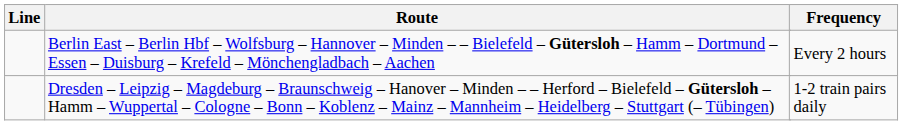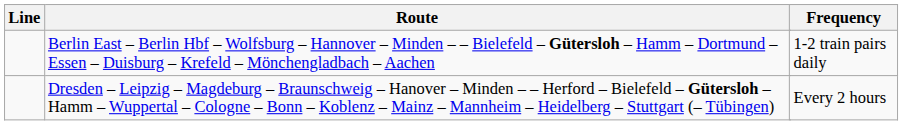 <table class="wikitable">
 <tr>
 <th>Line</th>
 <th colspan="2">Route</th>
 <th>Frequency</th>
 </tr>
 <tr>
 <td></td>
 <td colspan="2"><a href='#'>Berlin East</a> – <a href='#'>Berlin Hbf</a> – <a href='#'>Wolfsburg</a> – <a href='#'>Hannover</a> – <a href='#'>Minden</a> –  – <a href='#'>Bielefeld</a> – <strong>Gütersloh</strong> – <a href='#'>Hamm</a> – <a href='#'>Dortmund</a> – <a href='#'>Essen</a> – <a href='#'>Duisburg</a> – <a href='#'>Krefeld</a> – <a href='#'>Mönchengladbach</a> – <a href='#'>Aachen</a></td>
-<td>Every 2 hours</td>
+<td>1-2 train pairs daily</td>
 </tr>
 <tr>
 <td></td>
 <td colspan="2"><a href='#'>Dresden</a> – <a href='#'>Leipzig</a> – <a href='#'>Magdeburg</a> – <a href='#'>Braunschweig</a> – Hanover – Minden –  – Herford – Bielefeld – <strong>Gütersloh</strong> – Hamm – <a href='#'>Wuppertal</a> – <a href='#'>Cologne</a> – <a href='#'>Bonn</a> – <a href='#'>Koblenz</a> – <a href='#'>Mainz</a> – <a href='#'>Mannheim</a> – <a href='#'>Heidelberg</a> – <a href='#'>Stuttgart</a> (– <a href='#'>Tübingen</a>)</td>
-<td>1-2 train pairs daily</td>
+<td>Every 2 hours</td>
 </tr>
 </table>
